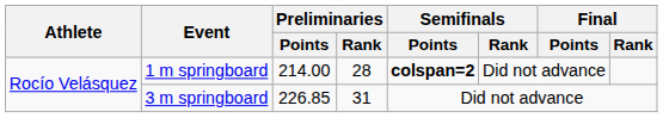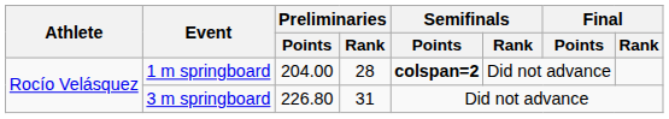 <table class=wikitable style="font-size:90%;">
 <tr>
 <th rowspan="2">Athlete</th>
 <th rowspan="2">Event</th>
 <th colspan="2">Preliminaries</th>
 <th colspan="2">Semifinals</th>
 <th colspan="2">Final</th>
 </tr>
 <tr style="font-size:95%">
 <th>Points</th>
 <th>Rank</th>
 <th>Points</th>
 <th>Rank</th>
 <th>Points</th>
 <th>Rank</th>
 </tr>
 <tr align=center>
 <td align=left rowspan=2><a href='#'>Rocío Velásquez</a></td>
 <td align=left><a href='#'>1 m springboard</a></td>
-<td>214.00</td>
+<td>204.00</td>
 <td>28</td>
 <td><strong>colspan=2 </strong></td>
 <td colspan=2>Did not advance</td>
 </tr>
 <tr align=center>
 <td align=left><a href='#'>3 m springboard</a></td>
-<td>226.85</td>
+<td>226.80</td>
 <td>31</td>
 <td colspan=4>Did not advance</td>
 </tr>
 </table>
